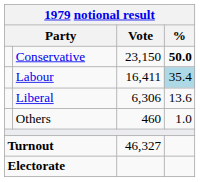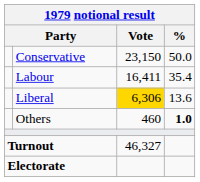 <table class="wikitable">
 <tr>
 <th colspan="4"><a href='#'>1979</a> <a href='#'>notional result</a></th>
 </tr>
 <tr>
 <th bgcolor="#DDDDFF" width="130px" colspan="2">Party</th>
 <th bgcolor="#DDDDFF" width="50px">Vote</th>
 <th bgcolor="#DDDDFF" width="30px">%</th>
 </tr>
 <tr>
 <td></td>
 <td><a href='#'>Conservative</a></td>
 <td align=right>23,150</td>
-<td align=right><strong>50.0</strong></td>
+<td align=right>50.0</td>
 </tr>
 <tr>
 <td></td>
 <td><a href='#'>Labour</a></td>
 <td align=right>16,411</td>
-<td align=right style="background: lightblue;">35.4</td>
+<td align=right>35.4</td>
 </tr>
 <tr>
 <td></td>
 <td><a href='#'>Liberal</a></td>
-<td align=right>6,306</td>
+<td align=right style="background: gold;">6,306</td>
 <td align=right>13.6</td>
 </tr>
 <tr>
 <td></td>
 <td>Others</td>
 <td align=right>460</td>
-<td align=right>1.0</td>
+<td align=right><strong>1.0</strong></td>
 </tr>
 <tr>
 <td colspan="4" bgcolor="#EAECF0"></td>
 </tr>
 <tr>
 <td colspan="2"><strong>Turnout</strong></td>
 <td align=right>46,327</td>
 <td align=right></td>
 </tr>
 <tr>
 <td colspan="2"><strong>Electorate</strong></td>
 <td align=right></td>
 </tr>
 </table>
